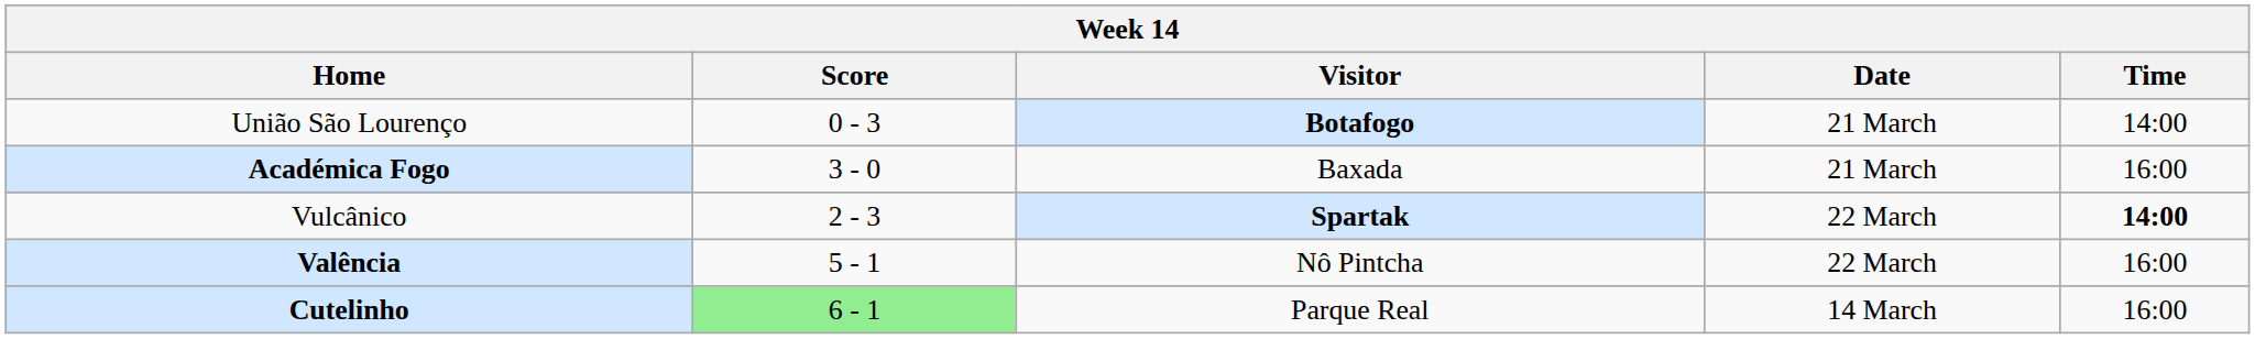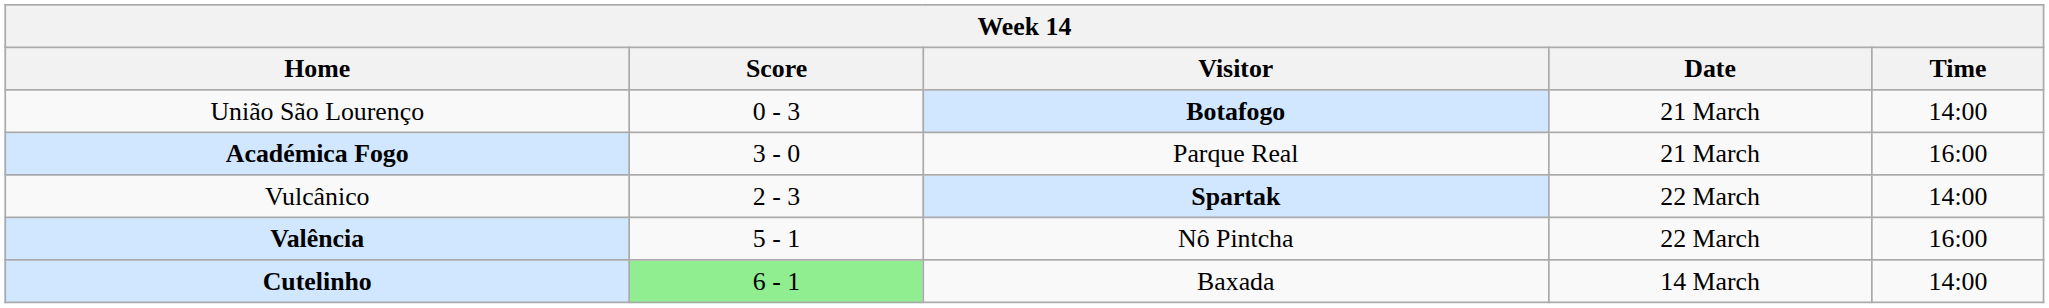 <table class="wikitable" style="margin:1em auto; font-size:95%; text-align: center; width: 95%;">
 <tr>
 <th colspan="12"  style="with:100%;">Week 14</th>
 </tr>
 <tr>
 <th style="width:200px;">Home</th>
 <th width="90">Score</th>
 <th style="width:200px;">Visitor</th>
 <th style="width:100px;">Date</th>
 <th style="width:50px;">Time</th>
 </tr>
 <tr>
 <td>União São Lourenço</td>
 <td>0 - 3</td>
 <td bgcolor=#D0E7FF><strong>Botafogo</strong></td>
 <td>21 March</td>
 <td>14:00</td>
 </tr>
 <tr>
 <td bgcolor=#D0E7FF><strong>Académica Fogo</strong></td>
 <td>3 - 0</td>
-<td>Baxada</td>
+<td>Parque Real</td>
 <td>21 March</td>
 <td>16:00</td>
 </tr>
 <tr>
 <td>Vulcânico</td>
 <td>2 - 3</td>
 <td bgcolor=#D0E7FF><strong>Spartak</strong></td>
 <td>22 March</td>
-<td><strong>14:00</strong></td>
+<td>14:00</td>
 </tr>
 <tr>
 <td bgcolor=#D0E7FF><strong>Valência</strong></td>
 <td>5 - 1</td>
 <td>Nô Pintcha</td>
 <td>22 March</td>
 <td>16:00</td>
 </tr>
 <tr>
 <td bgcolor=#D0E7FF><strong>Cutelinho</strong></td>
 <td style="background: lightgreen;">6 - 1</td>
-<td>Parque Real</td>
+<td>Baxada</td>
 <td>14 March</td>
-<td>16:00</td>
+<td>14:00</td>
 </tr>
 </table>
